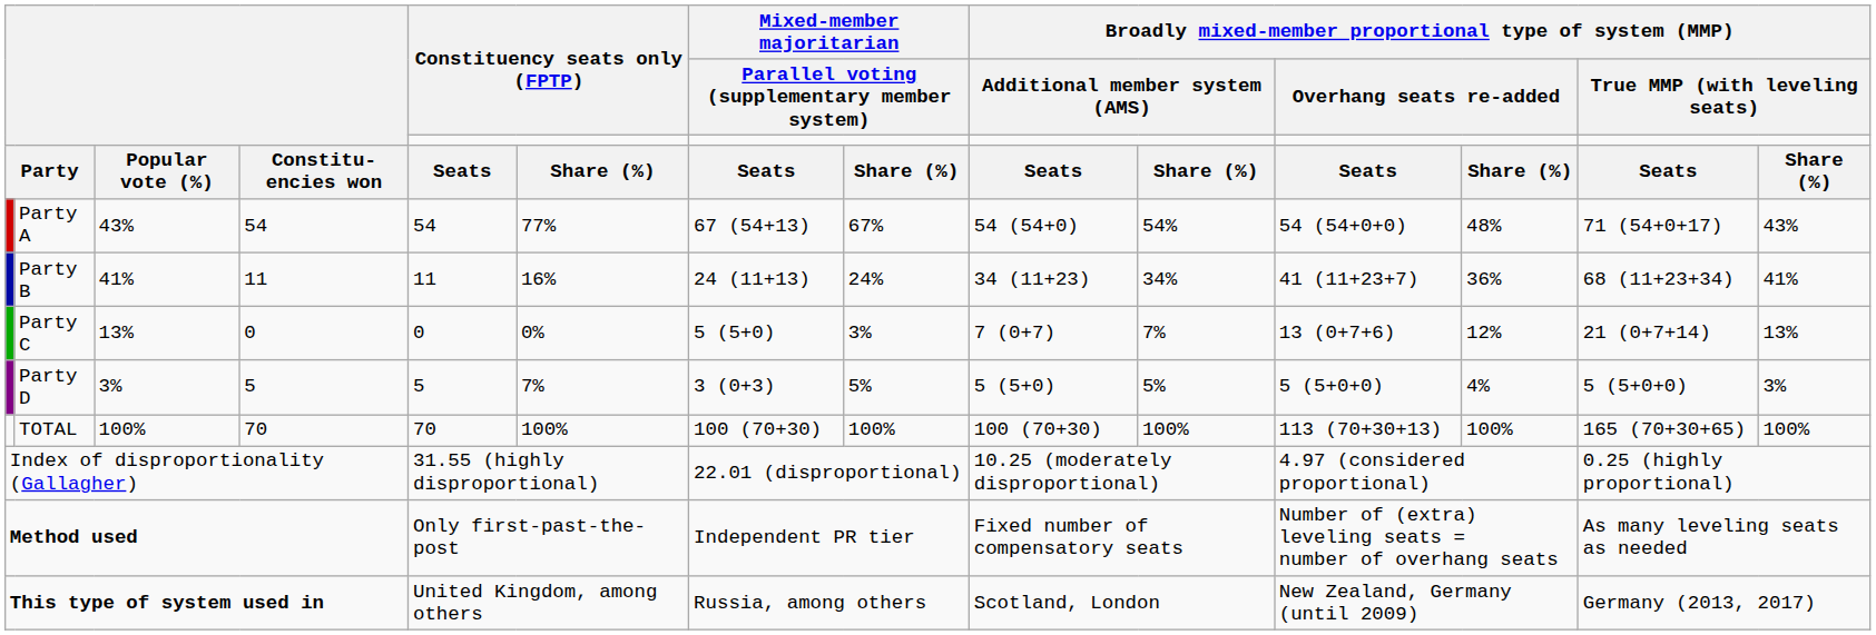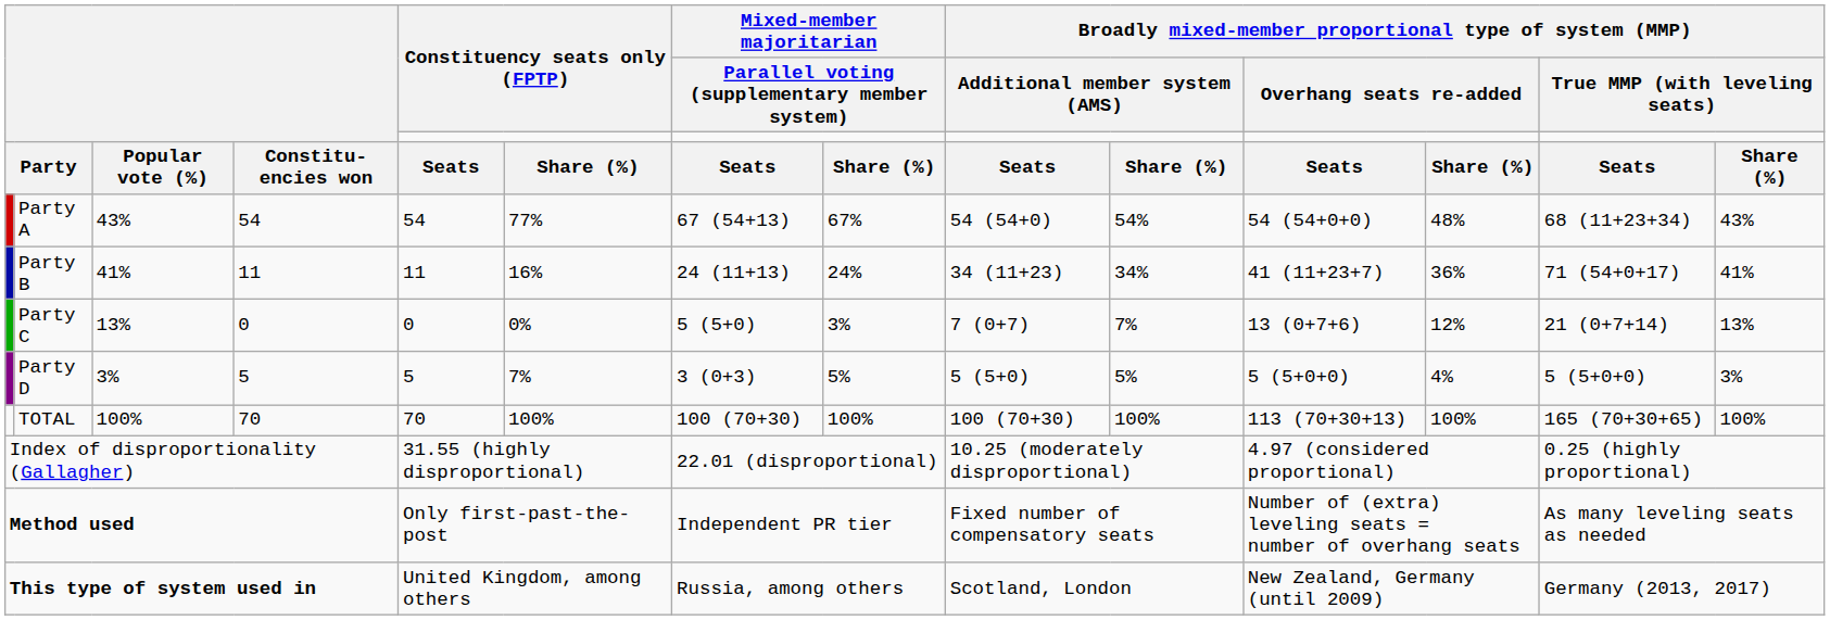 <table class="wikitable">
 <tr>
 <th colspan="4" rowspan="3"></th>
 <th colspan="2" rowspan="2">Constituency seats only<br>(<a href='#'>FPTP</a>)</th>
 <th colspan="2"><a href='#'>Mixed-member majoritarian</a></th>
 <th colspan="6">Broadly <a href='#'>mixed-member proportional</a> type of system (MMP)</th>
 </tr>
 <tr>
 <th colspan="2"><a href='#'>Parallel voting</a><br>(supplementary member system)</th>
 <th colspan="2">Additional member system (AMS)</th>
 <th colspan="2">Overhang seats re-added</th>
 <th colspan="2">True MMP (with leveling seats)</th>
 </tr>
 <tr>
 <td colspan="2"></td>
 <td colspan="2"></td>
 <td colspan="2"></td>
 <td colspan="2"></td>
 <td colspan="2"></td>
 </tr>
 <tr>
 <th colspan="2">Party</th>
 <th>Popular vote (%)</th>
 <th>Constitu­encies won</th>
 <th>Seats</th>
 <th>Share (%)</th>
 <th>Seats</th>
 <th>Share (%)</th>
 <th>Seats</th>
 <th>Share (%)</th>
 <th>Seats</th>
 <th>Share (%)</th>
 <th>Seats</th>
 <th>Share (%)</th>
 </tr>
 <tr>
 <td style="background:#D10000"></td>
 <td>Party A</td>
 <td>43%</td>
 <td>54</td>
 <td>54</td>
 <td>77%</td>
 <td>67 (54+13)</td>
 <td>67%</td>
 <td>54 (54+0)</td>
 <td>54%</td>
 <td>54 (54+0+0)</td>
 <td>48%</td>
-<td>71 (54+0+17)</td>
+<td>68 (11+23+34)</td>
 <td>43%</td>
 </tr>
 <tr>
 <td style="background:#0008A5"></td>
 <td>Party B</td>
 <td>41%</td>
 <td>11</td>
 <td>11</td>
 <td>16%</td>
 <td>24 (11+13)</td>
 <td>24%</td>
 <td>34 (11+23)</td>
 <td>34%</td>
 <td>41 (11+23+7)</td>
 <td>36%</td>
-<td>68 (11+23+34)</td>
+<td>71 (54+0+17)</td>
 <td>41%</td>
 </tr>
 <tr>
 <td style="background:#03AA00"></td>
 <td>Party C</td>
 <td>13%</td>
 <td>0</td>
 <td>0</td>
 <td>0%</td>
 <td>5 (5+0)</td>
 <td>3%</td>
 <td>7 (0+7)</td>
 <td>7%</td>
 <td>13 (0+7+6)</td>
 <td>12%</td>
 <td>21 (0+7+14)</td>
 <td>13%</td>
 </tr>
 <tr>
 <td style="background:#820084"></td>
 <td>Party D</td>
 <td>3%</td>
 <td>5</td>
 <td>5</td>
 <td>7%</td>
 <td>3 (0+3)</td>
 <td>5%</td>
 <td>5 (5+0)</td>
 <td>5%</td>
 <td>5 (5+0+0)</td>
 <td>4%</td>
 <td>5 (5+0+0)</td>
 <td>3%</td>
 </tr>
 <tr>
 <td></td>
 <td>TOTAL</td>
 <td>100%</td>
 <td>70</td>
 <td>70</td>
 <td>100%</td>
 <td>100 (70+30)</td>
 <td>100%</td>
 <td>100 (70+30)</td>
 <td>100%</td>
 <td>113 (70+30+13)</td>
 <td>100%</td>
 <td>165 (70+30+65)</td>
 <td>100%</td>
 </tr>
 <tr>
 <td colspan="4">Index of disproportionality<br>(<a href='#'>Gallagher</a>)</td>
 <td colspan="2">31.55 (highly disproportional)</td>
 <td colspan="2">22.01 (disproportional)</td>
 <td colspan="2">10.25 (moderately disproportional)</td>
 <td colspan="2">4.97 (considered proportional)</td>
 <td colspan="2">0.25 (highly proportional)</td>
 </tr>
 <tr>
 <td colspan="4"><strong>Method used</strong></td>
 <td colspan="2">Only first-past-the-post</td>
 <td colspan="2">Independent PR tier</td>
 <td colspan="2">Fixed number of compensatory seats</td>
 <td colspan="2">Number of (extra) leveling seats =<br>number of overhang seats</td>
 <td colspan="2">As many leveling seats as needed</td>
 </tr>
 <tr>
 <td colspan="4"><strong>This type of system used in</strong></td>
 <td colspan="2">United Kingdom, among others</td>
 <td colspan="2">Russia, among others</td>
 <td colspan="2">Scotland, London</td>
 <td colspan="2">New Zealand, Germany (until 2009)</td>
 <td colspan="2">Germany (2013, 2017)</td>
 </tr>
 </table>
